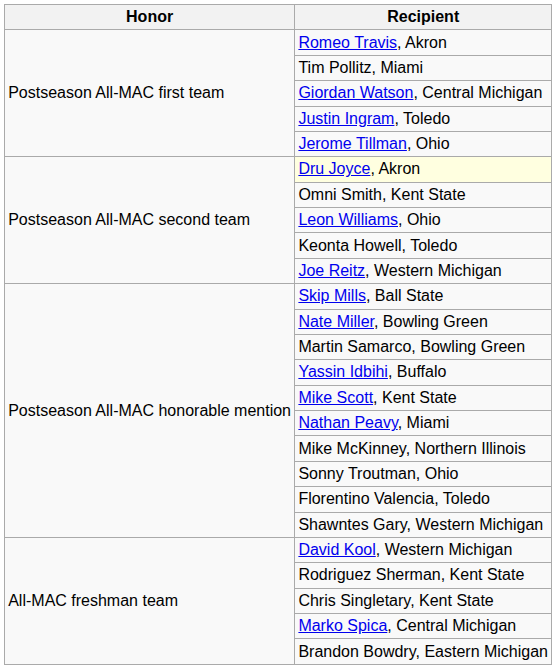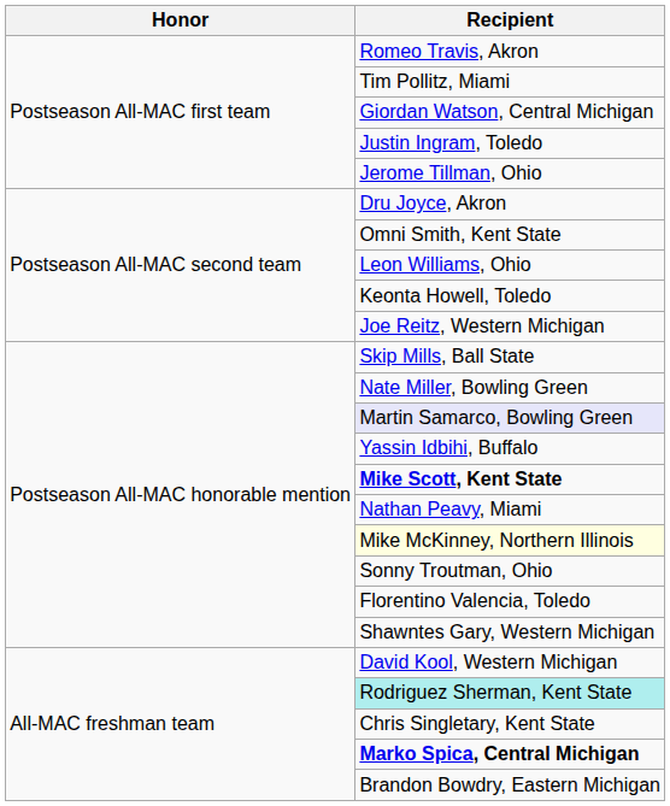 <table class="wikitable" border="1">
 <tr>
 <th>Honor</th>
 <th>Recipient</th>
 </tr>
 <tr>
 <td rowspan=5 valign=middle>Postseason All-MAC first team</td>
 <td><a href='#'>Romeo Travis</a>, Akron</td>
 </tr>
 <tr>
 <td>Tim Pollitz, Miami</td>
 </tr>
 <tr>
 <td><a href='#'>Giordan Watson</a>, Central Michigan</td>
 </tr>
 <tr>
 <td><a href='#'>Justin Ingram</a>, Toledo</td>
 </tr>
 <tr>
 <td><a href='#'>Jerome Tillman</a>, Ohio</td>
 </tr>
 <tr>
 <td rowspan=5 valign=middle>Postseason All-MAC second team</td>
-<td style="background: lightyellow;"><a href='#'>Dru Joyce</a>, Akron</td>
+<td><a href='#'>Dru Joyce</a>, Akron</td>
 </tr>
 <tr>
 <td>Omni Smith, Kent State</td>
 </tr>
 <tr>
 <td><a href='#'>Leon Williams</a>, Ohio</td>
 </tr>
 <tr>
 <td>Keonta Howell, Toledo</td>
 </tr>
 <tr>
 <td><a href='#'>Joe Reitz</a>, Western Michigan</td>
 </tr>
 <tr>
 <td rowspan=10 valign=middle>Postseason All-MAC honorable mention</td>
 <td><a href='#'>Skip Mills</a>, Ball State</td>
 </tr>
 <tr>
 <td><a href='#'>Nate Miller</a>, Bowling Green</td>
 </tr>
 <tr>
-<td>Martin Samarco, Bowling Green</td>
+<td style="background: lavender;">Martin Samarco, Bowling Green</td>
 </tr>
 <tr>
 <td><a href='#'>Yassin Idbihi</a>, Buffalo</td>
 </tr>
 <tr>
-<td><a href='#'>Mike Scott</a>, Kent State</td>
+<td><strong><a href='#'>Mike Scott</a>, Kent State</strong></td>
 </tr>
 <tr>
 <td><a href='#'>Nathan Peavy</a>, Miami</td>
 </tr>
 <tr>
-<td>Mike McKinney, Northern Illinois</td>
+<td style="background: lightyellow;">Mike McKinney, Northern Illinois</td>
 </tr>
 <tr>
 <td>Sonny Troutman, Ohio</td>
 </tr>
 <tr>
 <td>Florentino Valencia, Toledo</td>
 </tr>
 <tr>
 <td>Shawntes Gary, Western Michigan</td>
 </tr>
 <tr>
 <td rowspan=5 valign=middle>All-MAC freshman team</td>
 <td><a href='#'>David Kool</a>, Western Michigan</td>
 </tr>
 <tr>
-<td>Rodriguez Sherman, Kent State</td>
+<td style="background: paleturquoise;">Rodriguez Sherman, Kent State</td>
 </tr>
 <tr>
 <td>Chris Singletary, Kent State</td>
 </tr>
 <tr>
-<td><a href='#'>Marko Spica</a>, Central Michigan</td>
+<td><strong><a href='#'>Marko Spica</a>, Central Michigan</strong></td>
 </tr>
 <tr>
 <td>Brandon Bowdry, Eastern Michigan</td>
 </tr>
 <tr>
 </tr>
 </table>
